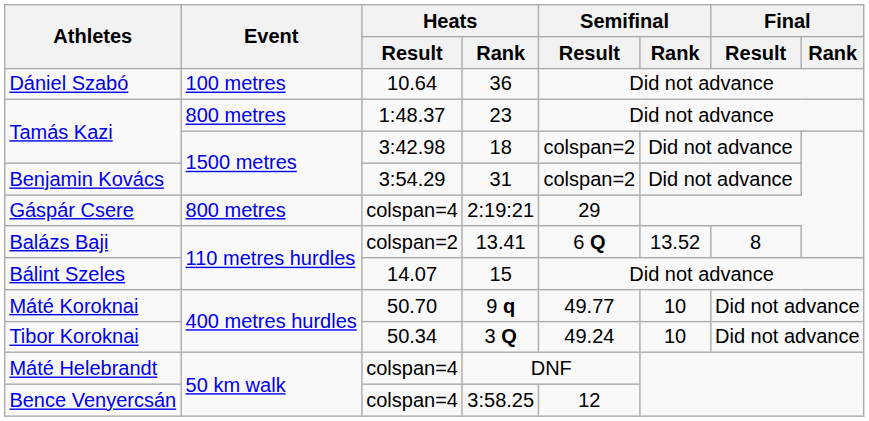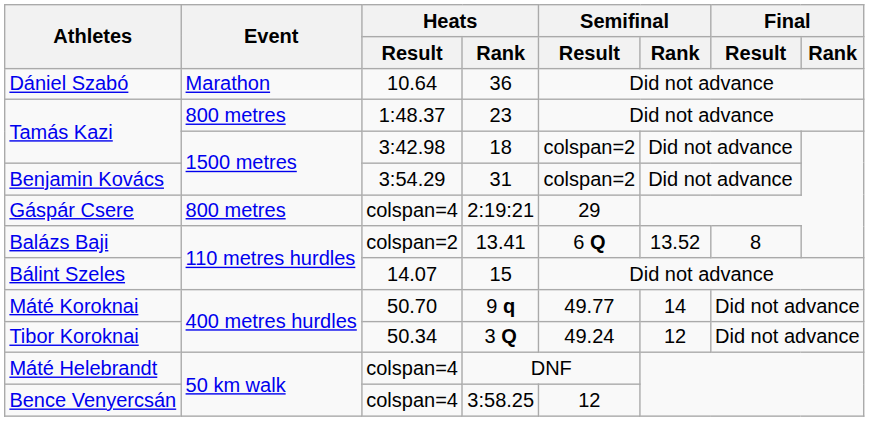 <table class="wikitable" border="1" style="font-size:90%">
 <tr>
 <th rowspan="2">Athletes</th>
 <th rowspan="2">Event</th>
 <th colspan="2">Heats</th>
 <th colspan="2">Semifinal</th>
 <th colspan="2">Final</th>
 </tr>
 <tr>
 <th>Result</th>
 <th>Rank</th>
 <th>Result</th>
 <th>Rank</th>
 <th>Result</th>
 <th>Rank</th>
 </tr>
 <tr>
 <td><a href='#'>Dániel Szabó</a></td>
-<td><a href='#'>100 metres</a></td>
+<td><a href='#'>Marathon</a></td>
 <td align=center>10.64</td>
 <td align=center>36</td>
 <td colspan=4 align=center>Did not advance</td>
 </tr>
 <tr>
 <td rowspan=2><a href='#'>Tamás Kazi</a></td>
 <td><a href='#'>800 metres</a></td>
 <td align=center>1:48.37</td>
 <td align=center>23</td>
 <td align=center colspan=4>Did not advance</td>
 </tr>
 <tr>
 <td rowspan=2><a href='#'>1500 metres</a></td>
 <td align=center>3:42.98</td>
 <td align=center>18</td>
 <td>colspan=2</td>
 <td align=center colspan=2>Did not advance</td>
 </tr>
 <tr>
 <td><a href='#'>Benjamin Kovács</a></td>
 <td align=center>3:54.29</td>
 <td align=center>31</td>
 <td>colspan=2</td>
 <td align=center colspan=2>Did not advance</td>
 </tr>
 <tr>
 <td><a href='#'>Gáspár Csere</a></td>
 <td><a href='#'>800 metres</a></td>
 <td>colspan=4</td>
 <td align=center>2:19:21</td>
 <td align=center>29</td>
 </tr>
 <tr>
 <td><a href='#'>Balázs Baji</a></td>
 <td rowspan=2><a href='#'>110 metres hurdles</a></td>
 <td>colspan=2 </td>
 <td align=center>13.41</td>
 <td align=center>6 <strong>Q</strong></td>
 <td align=center>13.52</td>
 <td align=center>8</td>
 </tr>
 <tr>
 <td><a href='#'>Bálint Szeles</a></td>
 <td align=center>14.07</td>
 <td align=center>15</td>
 <td align=center colspan=4>Did not advance</td>
 </tr>
 <tr>
 <td><a href='#'>Máté Koroknai</a></td>
 <td rowspan=2><a href='#'>400 metres hurdles</a></td>
 <td align=center>50.70</td>
 <td align=center>9 <strong>q</strong></td>
 <td align=center>49.77</td>
-<td align=center>10</td>
+<td align=center>14</td>
 <td colspan=2 align=center>Did not advance</td>
 </tr>
 <tr>
 <td><a href='#'>Tibor Koroknai</a></td>
 <td align=center>50.34</td>
 <td align=center>3 <strong>Q</strong></td>
 <td align=center>49.24</td>
-<td align=center>10</td>
+<td align=center>12</td>
 <td colspan=2 align=center>Did not advance</td>
 </tr>
 <tr>
 <td><a href='#'>Máté Helebrandt</a></td>
 <td rowspan=2><a href='#'>50 km walk</a></td>
 <td>colspan=4</td>
 <td align=center colspan=2>DNF</td>
 </tr>
 <tr>
 <td><a href='#'>Bence Venyercsán</a></td>
 <td>colspan=4</td>
 <td align=center>3:58.25</td>
 <td align=center>12</td>
 </tr>
 </table>
